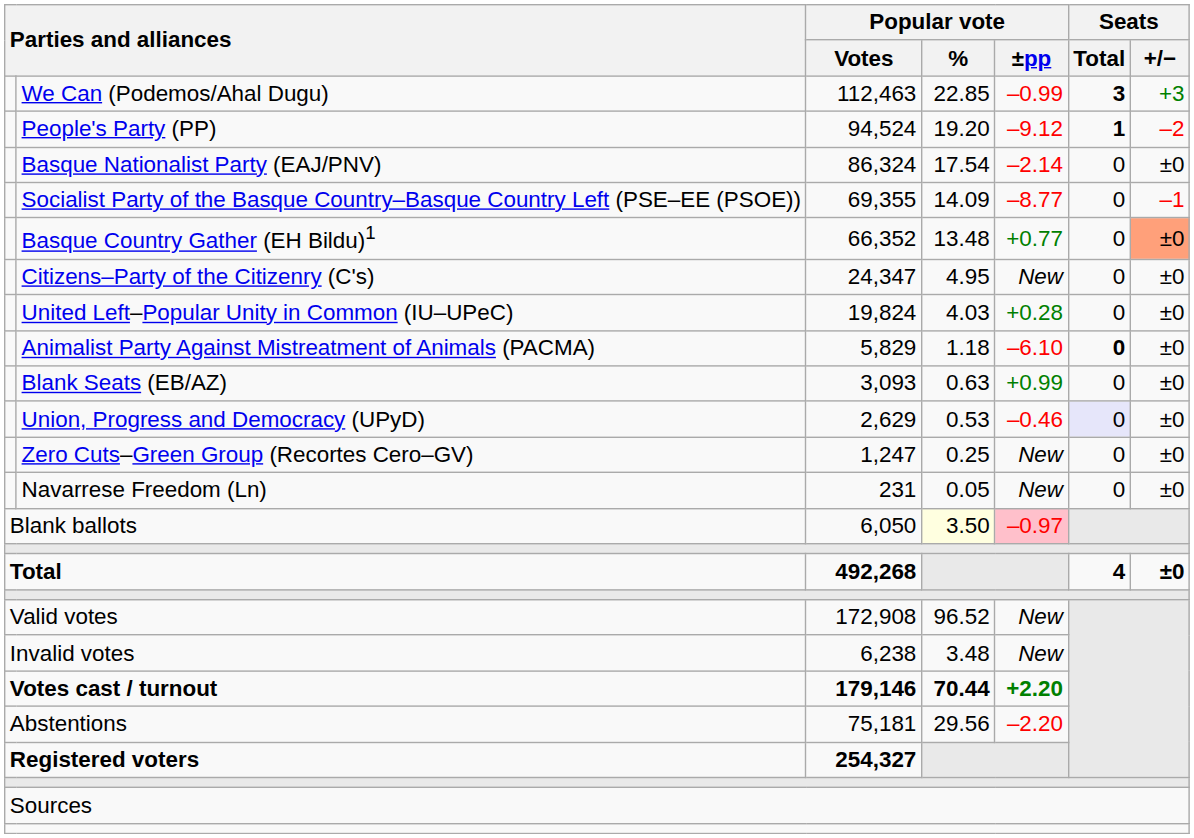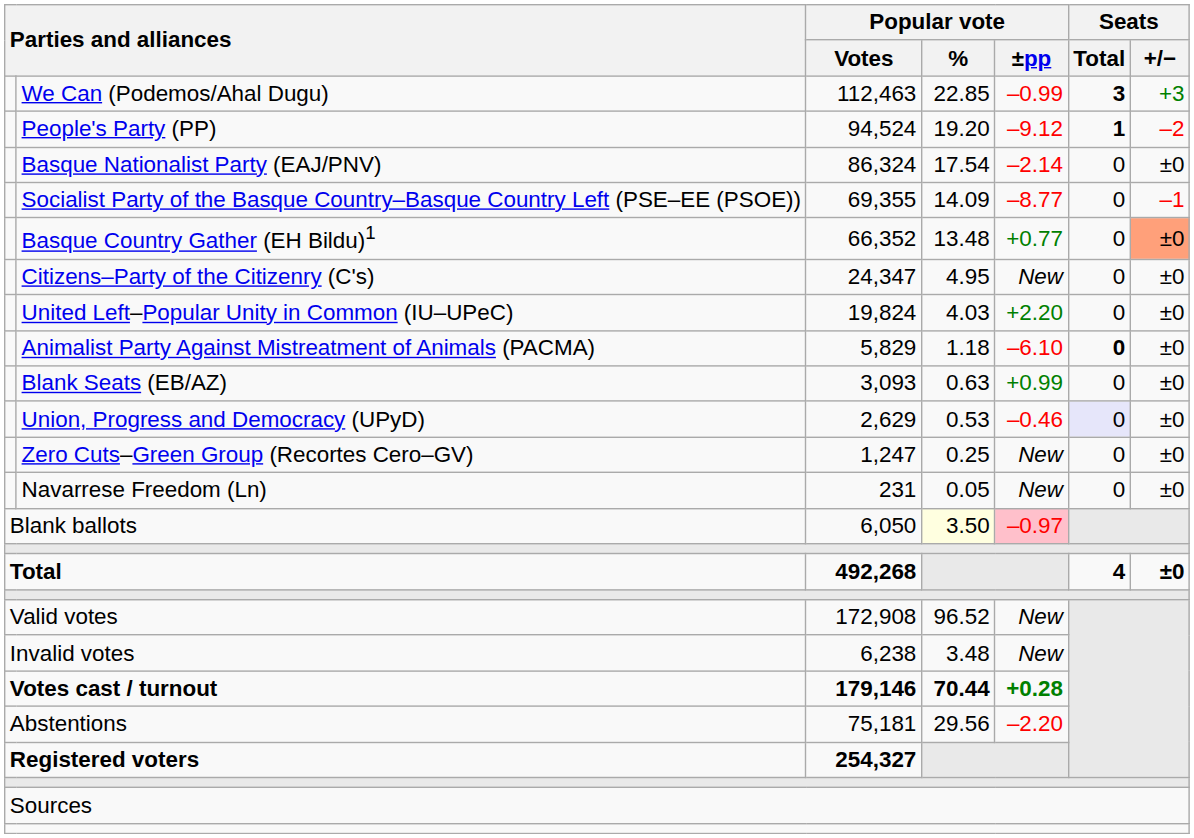 <table class="wikitable" style="text-align:right;">
 <tr>
 <th style="text-align:left;" rowspan="2" colspan="2" width="525">Parties and alliances</th>
 <th colspan="3">Popular vote</th>
 <th colspan="2">Seats</th>
 </tr>
 <tr>
 <th width="75">Votes</th>
 <th width="45">%</th>
 <th width="45">±<a href='#'>pp</a></th>
 <th width="35">Total</th>
 <th width="35">+/−</th>
 </tr>
 <tr>
 <td width="1" style="color:inherit;background:"></td>
 <td align="left"><a href='#'>We Can</a> (Podemos/Ahal Dugu)</td>
 <td>112,463</td>
 <td>22.85</td>
 <td style="color:red;">–0.99</td>
 <td><strong>3</strong></td>
 <td style="color:green;">+3</td>
 </tr>
 <tr>
 <td style="color:inherit;background:"></td>
 <td align="left"><a href='#'>People's Party</a> (PP)</td>
 <td>94,524</td>
 <td>19.20</td>
 <td style="color:red;">–9.12</td>
 <td><strong>1</strong></td>
 <td style="color:red;">–2</td>
 </tr>
 <tr>
 <td style="color:inherit;background:"></td>
 <td align="left"><a href='#'>Basque Nationalist Party</a> (EAJ/PNV)</td>
 <td>86,324</td>
 <td>17.54</td>
 <td style="color:red;">–2.14</td>
 <td>0</td>
 <td>±0</td>
 </tr>
 <tr>
 <td style="color:inherit;background:"></td>
 <td align="left"><a href='#'>Socialist Party of the Basque Country–Basque Country Left</a> (PSE–EE (PSOE))</td>
 <td>69,355</td>
 <td>14.09</td>
 <td style="color:red;">–8.77</td>
 <td>0</td>
 <td style="color:red;">–1</td>
 </tr>
 <tr>
 <td style="color:inherit;background:"></td>
 <td align="left"><a href='#'>Basque Country Gather</a> (EH Bildu)<sup>1</sup></td>
 <td>66,352</td>
 <td>13.48</td>
 <td style="color:green;">+0.77</td>
 <td>0</td>
 <td style="background: lightsalmon;">±0</td>
 </tr>
 <tr>
 <td style="color:inherit;background:"></td>
 <td align="left"><a href='#'>Citizens–Party of the Citizenry</a> (C's)</td>
 <td>24,347</td>
 <td>4.95</td>
 <td><em>New</em></td>
 <td>0</td>
 <td>±0</td>
 </tr>
 <tr>
 <td style="color:inherit;background:"></td>
 <td align="left"><a href='#'>United Left</a>–<a href='#'>Popular Unity in Common</a> (IU–UPeC)</td>
 <td>19,824</td>
 <td>4.03</td>
-<td style="color:green;">+0.28</td>
+<td style="color:green;">+2.20</td>
 <td>0</td>
 <td>±0</td>
 </tr>
 <tr>
 <td style="color:inherit;background:"></td>
 <td align="left"><a href='#'>Animalist Party Against Mistreatment of Animals</a> (PACMA)</td>
 <td>5,829</td>
 <td>1.18</td>
 <td style="color:red;">–6.10</td>
 <td><strong>0</strong></td>
 <td>±0</td>
 </tr>
 <tr>
 <td style="color:inherit;background:"></td>
 <td align="left"><a href='#'>Blank Seats</a> (EB/AZ)</td>
 <td>3,093</td>
 <td>0.63</td>
 <td style="color:green;">+0.99</td>
 <td>0</td>
 <td>±0</td>
 </tr>
 <tr>
 <td style="color:inherit;background:"></td>
 <td align="left"><a href='#'>Union, Progress and Democracy</a> (UPyD)</td>
 <td>2,629</td>
 <td>0.53</td>
 <td style="color:red;">–0.46</td>
 <td style="background: lavender;">0</td>
 <td>±0</td>
 </tr>
 <tr>
 <td style="color:inherit;background:"></td>
 <td align="left"><a href='#'>Zero Cuts</a>–<a href='#'>Green Group</a> (Recortes Cero–GV)</td>
 <td>1,247</td>
 <td>0.25</td>
 <td><em>New</em></td>
 <td>0</td>
 <td>±0</td>
 </tr>
 <tr>
 <td style="color:inherit;background:"></td>
 <td align="left">Navarrese Freedom (Ln)</td>
 <td>231</td>
 <td>0.05</td>
 <td><em>New</em></td>
 <td>0</td>
 <td>±0</td>
 </tr>
 <tr>
 <td align="left" colspan="2">Blank ballots</td>
 <td>6,050</td>
 <td style="background: lightyellow;">3.50</td>
 <td style="background: pink; color:red;">–0.97</td>
 <td bgcolor="#E9E9E9" colspan="2"></td>
 </tr>
 <tr>
 <td colspan="7" bgcolor="#E9E9E9"></td>
 </tr>
 <tr style="font-weight:bold;">
 <td align="left" colspan="2">Total</td>
 <td>492,268</td>
 <td bgcolor="#E9E9E9" colspan="2"></td>
 <td>4</td>
 <td>±0</td>
 </tr>
 <tr>
 <td colspan="7" bgcolor="#E9E9E9"></td>
 </tr>
 <tr>
 <td align="left" colspan="2">Valid votes</td>
 <td>172,908</td>
 <td>96.52</td>
 <td><em>New</em></td>
 <td bgcolor="#E9E9E9" colspan="2" rowspan="5"></td>
 </tr>
 <tr>
 <td align="left" colspan="2">Invalid votes</td>
 <td>6,238</td>
 <td>3.48</td>
 <td><em>New</em></td>
 </tr>
 <tr style="font-weight:bold;">
 <td align="left" colspan="2">Votes cast / turnout</td>
 <td>179,146</td>
 <td>70.44</td>
-<td style="color:green;">+2.20</td>
+<td style="color:green;">+0.28</td>
 </tr>
 <tr>
 <td align="left" colspan="2">Abstentions</td>
 <td>75,181</td>
 <td>29.56</td>
 <td style="color:red;">–2.20</td>
 </tr>
 <tr style="font-weight:bold;">
 <td align="left" colspan="2">Registered voters</td>
 <td>254,327</td>
 <td bgcolor="#E9E9E9" colspan="2"></td>
 </tr>
 <tr>
 <td colspan="7" bgcolor="#E9E9E9"></td>
 </tr>
 <tr>
 <td align="left" colspan="7">Sources</td>
 </tr>
 <tr>
 <td colspan="7" style="text-align:left; max-width:790px;"></td>
 </tr>
 </table>
